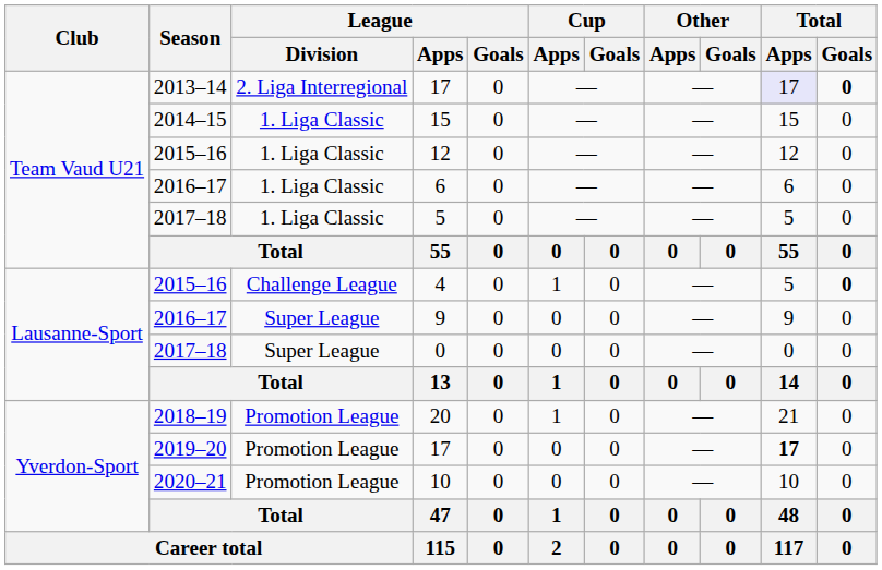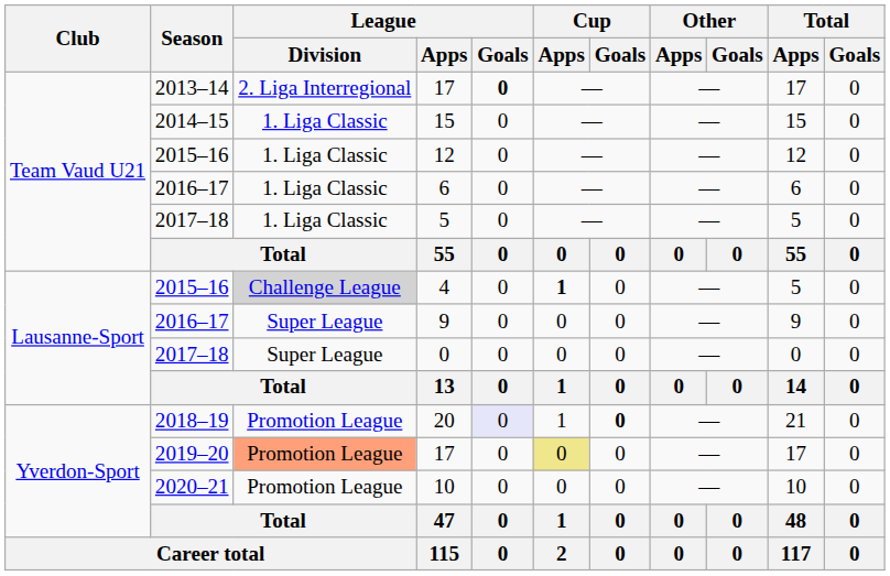 <table class="wikitable" style="text-align:center">
 <tr>
 <th rowspan="2">Club</th>
 <th rowspan="2">Season</th>
 <th colspan="3">League</th>
 <th colspan="2">Cup</th>
 <th colspan="2">Other</th>
 <th colspan="2">Total</th>
 </tr>
 <tr>
 <th>Division</th>
 <th>Apps</th>
 <th>Goals</th>
 <th>Apps</th>
 <th>Goals</th>
 <th>Apps</th>
 <th>Goals</th>
 <th>Apps</th>
 <th>Goals</th>
 </tr>
 <tr>
 <td rowspan="6"><a href='#'>Team Vaud U21</a></td>
 <td>2013–14</td>
 <td><a href='#'>2. Liga Interregional</a></td>
 <td>17</td>
-<td>0</td>
+<td><strong>0</strong></td>
 <td colspan="2">—</td>
 <td colspan="2">—</td>
-<td style="background: lavender;">17</td>
-<td><strong>0</strong></td>
+<td>17</td>
+<td>0</td>
 </tr>
 <tr>
 <td>2014–15</td>
 <td><a href='#'>1. Liga Classic</a></td>
 <td>15</td>
 <td>0</td>
 <td colspan="2">—</td>
 <td colspan="2">—</td>
 <td>15</td>
 <td>0</td>
 </tr>
 <tr>
 <td>2015–16</td>
 <td>1. Liga Classic</td>
 <td>12</td>
 <td>0</td>
 <td colspan="2">—</td>
 <td colspan="2">—</td>
 <td>12</td>
 <td>0</td>
 </tr>
 <tr>
 <td>2016–17</td>
 <td>1. Liga Classic</td>
 <td>6</td>
 <td>0</td>
 <td colspan="2">—</td>
 <td colspan="2">—</td>
 <td>6</td>
 <td>0</td>
 </tr>
 <tr>
 <td>2017–18</td>
 <td>1. Liga Classic</td>
 <td>5</td>
 <td>0</td>
 <td colspan="2">—</td>
 <td colspan="2">—</td>
 <td>5</td>
 <td>0</td>
 </tr>
 <tr>
 <th colspan="2">Total</th>
 <th>55</th>
 <th>0</th>
 <th>0</th>
 <th>0</th>
 <th>0</th>
 <th>0</th>
 <th>55</th>
 <th>0</th>
 </tr>
 <tr>
 <td rowspan="4"><a href='#'>Lausanne-Sport</a></td>
 <td><a href='#'>2015–16</a></td>
-<td><a href='#'>Challenge League</a></td>
+<td style="background: lightgrey;"><a href='#'>Challenge League</a></td>
 <td>4</td>
 <td>0</td>
-<td>1</td>
+<td><strong>1</strong></td>
 <td>0</td>
 <td colspan="2">—</td>
 <td>5</td>
-<td><strong>0</strong></td>
+<td>0</td>
 </tr>
 <tr>
 <td><a href='#'>2016–17</a></td>
 <td><a href='#'>Super League</a></td>
 <td>9</td>
 <td>0</td>
 <td>0</td>
 <td>0</td>
 <td colspan="2">—</td>
 <td>9</td>
 <td>0</td>
 </tr>
 <tr>
 <td><a href='#'>2017–18</a></td>
 <td>Super League</td>
 <td>0</td>
 <td>0</td>
 <td>0</td>
 <td>0</td>
 <td colspan="2">—</td>
 <td>0</td>
 <td>0</td>
 </tr>
 <tr>
 <th colspan="2">Total</th>
 <th>13</th>
 <th>0</th>
 <th>1</th>
 <th>0</th>
 <th>0</th>
 <th>0</th>
 <th>14</th>
 <th>0</th>
 </tr>
 <tr>
 <td rowspan="4"><a href='#'>Yverdon-Sport</a></td>
 <td><a href='#'>2018–19</a></td>
 <td><a href='#'>Promotion League</a></td>
 <td>20</td>
-<td>0</td>
+<td style="background: lavender;">0</td>
 <td>1</td>
-<td>0</td>
+<td><strong>0</strong></td>
 <td colspan="2">—</td>
 <td>21</td>
 <td>0</td>
 </tr>
 <tr>
 <td><a href='#'>2019–20</a></td>
-<td>Promotion League</td>
+<td style="background: lightsalmon;">Promotion League</td>
 <td>17</td>
 <td>0</td>
-<td>0</td>
+<td style="background: khaki;">0</td>
 <td>0</td>
 <td colspan="2">—</td>
-<td><strong>17</strong></td>
+<td>17</td>
 <td>0</td>
 </tr>
 <tr>
 <td><a href='#'>2020–21</a></td>
 <td>Promotion League</td>
 <td>10</td>
 <td>0</td>
 <td>0</td>
 <td>0</td>
 <td colspan="2">—</td>
 <td>10</td>
 <td>0</td>
 </tr>
 <tr>
 <th colspan="2">Total</th>
 <th>47</th>
 <th>0</th>
 <th>1</th>
 <th>0</th>
 <th>0</th>
 <th>0</th>
 <th>48</th>
 <th>0</th>
 </tr>
 <tr>
 <th colspan="3">Career total</th>
 <th>115</th>
 <th>0</th>
 <th>2</th>
 <th>0</th>
 <th>0</th>
 <th>0</th>
 <th>117</th>
 <th>0</th>
 </tr>
 </table>
